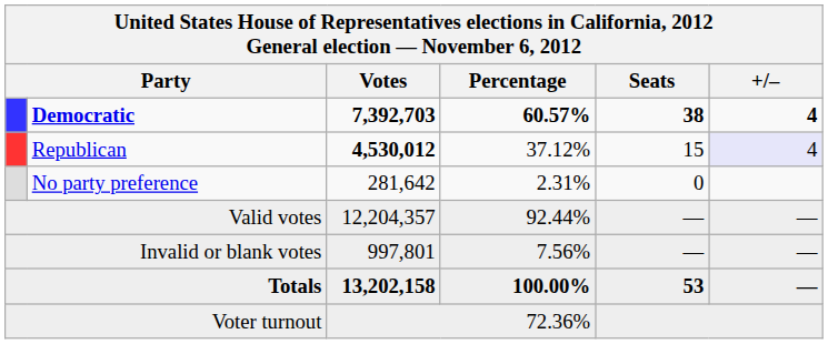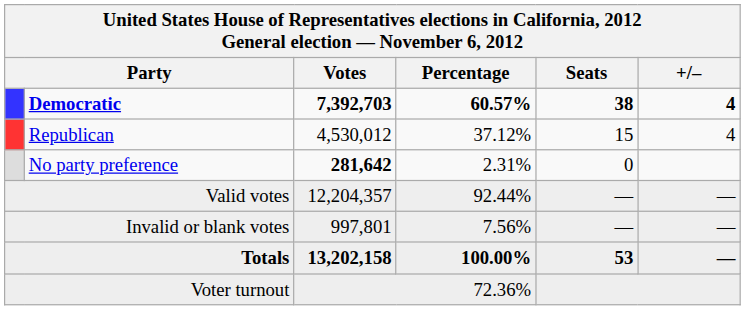 <table class="wikitable" style="font-size: 95%;">
 <tr>
 <th colspan="6">United States House of Representatives elections in California, 2012<br>General election — November 6, 2012</th>
 </tr>
 <tr>
 <th colspan=2 style="width: 15em">Party</th>
 <th style="width: 5em">Votes</th>
 <th style="width: 7em">Percentage</th>
 <th style="width: 5em">Seats</th>
 <th style="width: 5em">+/–</th>
 </tr>
 <tr>
 <th style="background-color:#3333FF; width: 3px"></th>
 <td style="width: 130px"><strong><a href='#'>Democratic</a></strong></td>
 <td align="right"><strong>7,392,703</strong></td>
 <td align="right"><strong>60.57%</strong></td>
 <td align="right"><strong>38</strong></td>
 <td align="right"><strong> 4</strong></td>
 </tr>
 <tr>
 <th style="background-color:#FF3333; width: 3px"></th>
 <td style="width: 130px"><a href='#'>Republican</a></td>
-<td align="right"><strong>4,530,012</strong></td>
+<td align="right">4,530,012</td>
 <td align="right">37.12%</td>
 <td align="right">15</td>
-<td align="right" style="background: lavender;"> 4</td>
+<td align="right"> 4</td>
 </tr>
 <tr>
 <th style="background-color:#DDDDDD; width: 3px"></th>
 <td style="width: 130px"><a href='#'>No party preference</a></td>
-<td align="right">281,642</td>
+<td align="right"><strong>281,642</strong></td>
 <td align="right">2.31%</td>
 <td align="right">0</td>
 <td align="right"></td>
 </tr>
 <tr bgcolor="#EEEEEE">
 <td colspan="2" align="right">Valid votes</td>
 <td align="right">12,204,357</td>
 <td align="right">92.44%</td>
 <td align="right">—</td>
 <td align="right">—</td>
 </tr>
 <tr bgcolor="#EEEEEE">
 <td colspan="2" align="right">Invalid or blank votes</td>
 <td align="right">997,801</td>
 <td align="right">7.56%</td>
 <td align="right">—</td>
 <td align="right">—</td>
 </tr>
 <tr bgcolor="#EEEEEE">
 <td colspan="2" align="right"><strong>Totals</strong></td>
 <td align="right"><strong>13,202,158</strong></td>
 <td align="right"><strong>100.00%</strong></td>
 <td align="right"><strong>53</strong></td>
 <td align="right"><strong>—</strong></td>
 </tr>
 <tr bgcolor="#EEEEEE">
 <td colspan="2" align="right">Voter turnout</td>
 <td colspan="2" align="right">72.36%</td>
 <td colspan="2" align="right"></td>
 </tr>
 </table>
